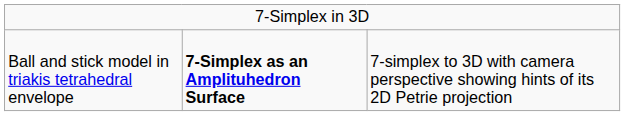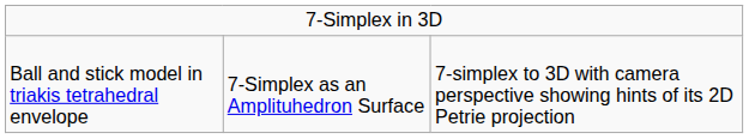 <table class="wikitable" width="610">
 <tr>
 <td colspan=7 valign=bottom align=center>7-Simplex in 3D</td>
 </tr>
 <tr>
 <td><br>Ball and stick model in <a href='#'>triakis tetrahedral</a> envelope</td>
-<td><strong><br>7-Simplex as an <a href='#'>Amplituhedron</a> Surface</strong></td>
+<td><br>7-Simplex as an <a href='#'>Amplituhedron</a> Surface</td>
 <td><br>7-simplex to 3D with camera perspective showing hints of its 2D Petrie projection</td>
 </tr>
 </table>
